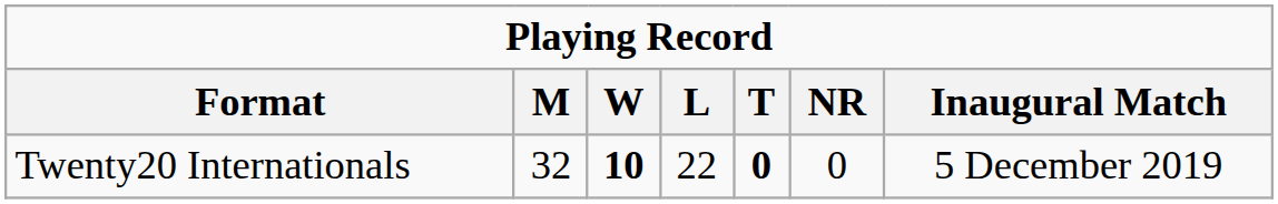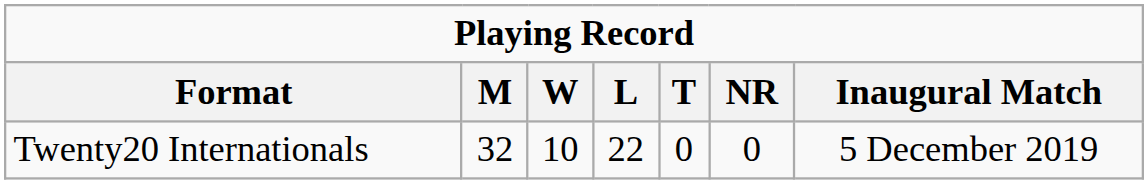 <table class="wikitable" style="text-align: center; width: 500px;">
 <tr>
 <td colspan=7 align="center"><strong>Playing Record</strong></td>
 </tr>
 <tr>
 <th>Format</th>
 <th>M</th>
 <th>W</th>
 <th>L</th>
 <th>T</th>
 <th>NR</th>
 <th>Inaugural Match</th>
 </tr>
 <tr>
 <td align="left">Twenty20 Internationals</td>
 <td>32</td>
-<td><strong>10</strong></td>
+<td>10</td>
 <td>22</td>
-<td><strong>0</strong></td>
+<td>0</td>
 <td>0</td>
 <td>5 December 2019</td>
 </tr>
 </table>
